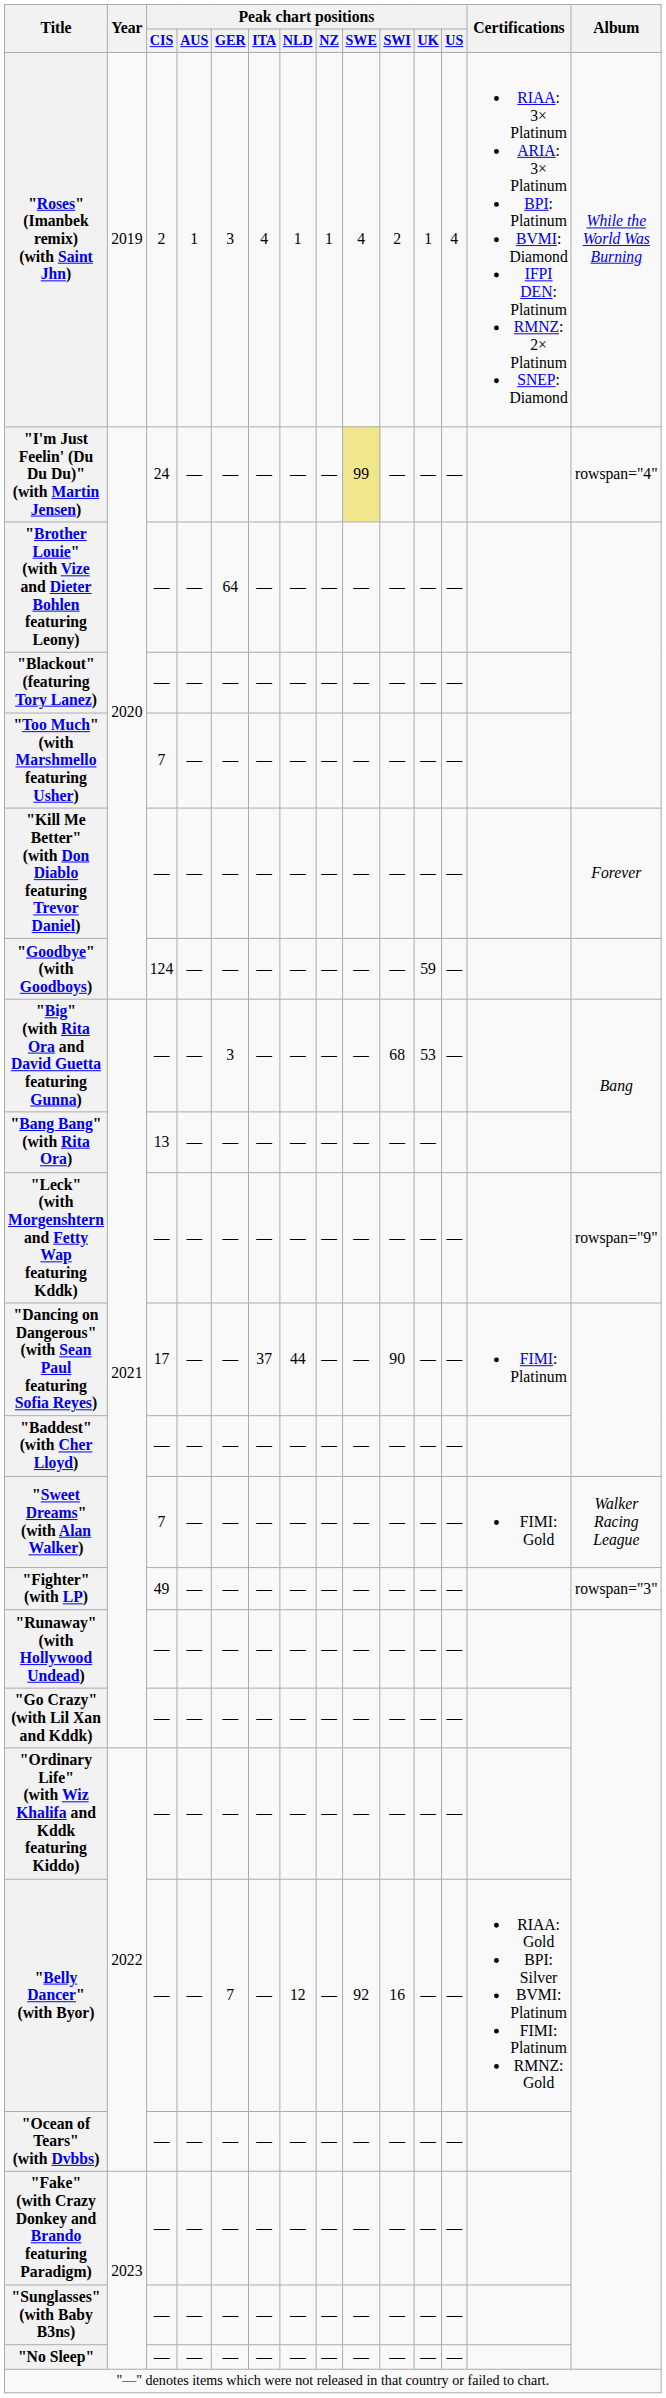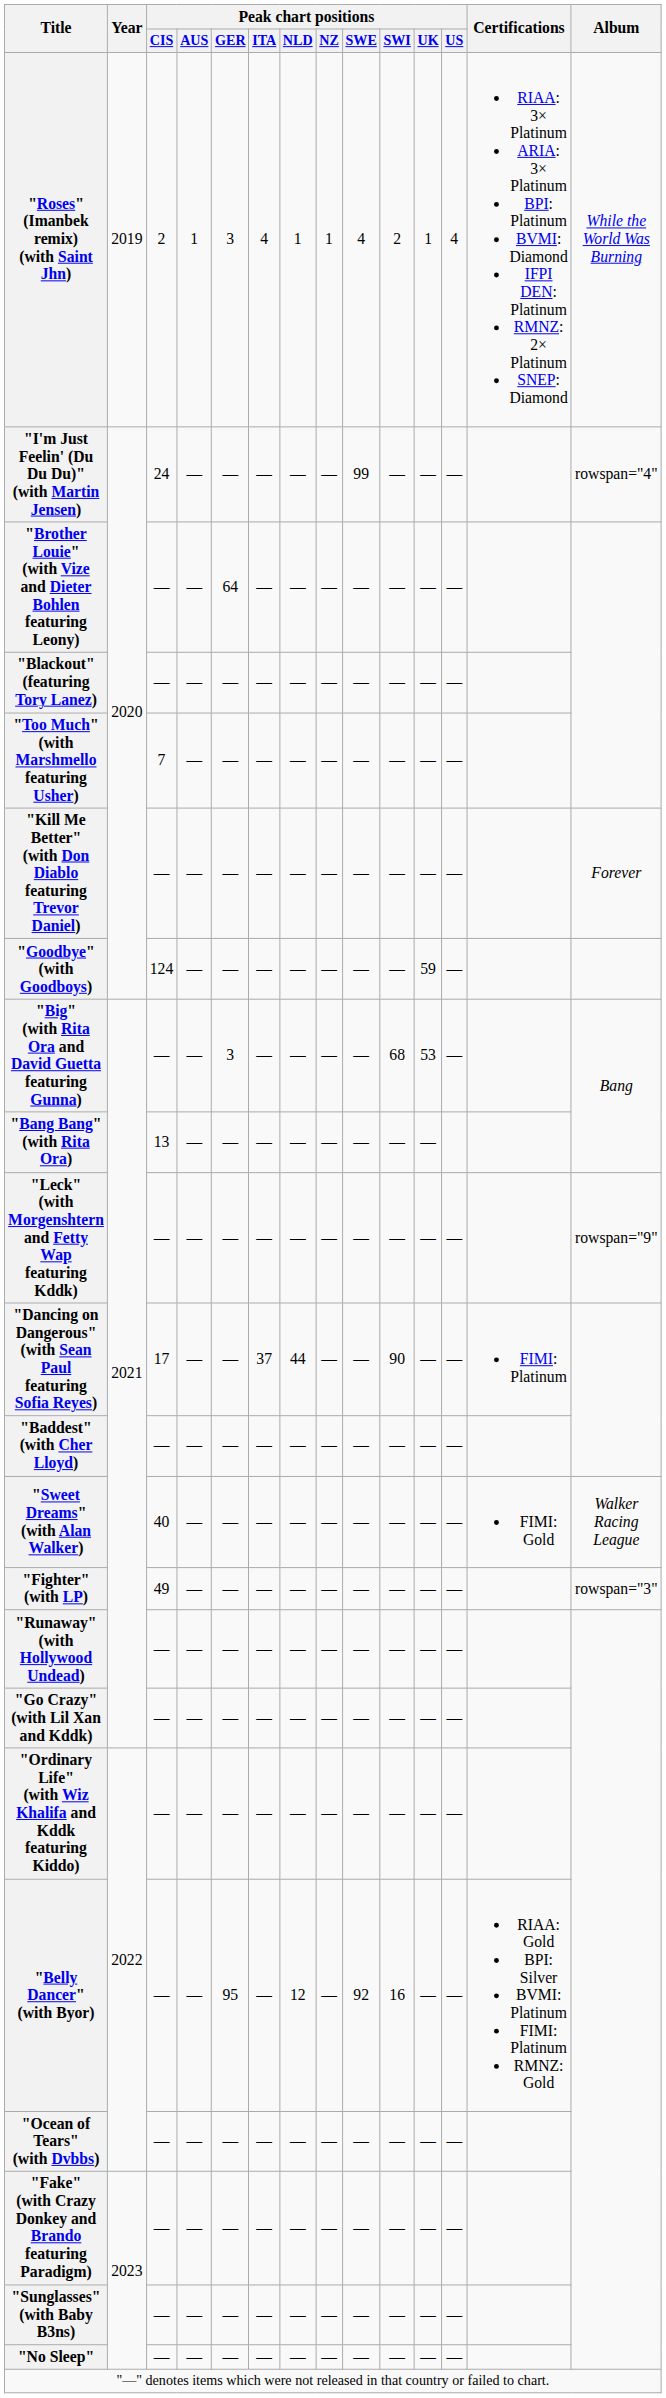 <table class="wikitable plainrowheaders" style="text-align:center">
 <tr>
 <th scope="col" rowspan="2" style="width:20em;">Title</th>
 <th scope="col" rowspan="2" style="width:1em;">Year</th>
 <th scope="col" colspan="10">Peak chart positions</th>
 <th scope="col" rowspan="2" style="width:12em;">Certifications</th>
 <th scope="col" rowspan="2" style="width:12em;">Album</th>
 </tr>
 <tr>
 <th scope="col" style="width:3em;font-size:90%;"><a href='#'>CIS</a><br></th>
 <th scope="col" style="width:3em;font-size:90%;"><a href='#'>AUS</a><br></th>
 <th scope="col" style="width:3em;font-size:90%;"><a href='#'>GER</a><br></th>
 <th scope="col" style="width:3em;font-size:90%;"><a href='#'>ITA</a><br></th>
 <th scope="col" style="width:3em;font-size:90%;"><a href='#'>NLD</a><br></th>
 <th scope="col" style="width:3em;font-size:90%;"><a href='#'>NZ</a><br></th>
 <th scope="col" style="width:3em;font-size:90%;"><a href='#'>SWE</a><br></th>
 <th scope="col" style="width:3em;font-size:90%;"><a href='#'>SWI</a><br></th>
 <th scope="col" style="width:3em;font-size:90%;"><a href='#'>UK</a><br></th>
 <th scope="col" style="width:3em;font-size:90%;"><a href='#'>US</a><br></th>
 </tr>
 <tr>
 <th scope="row">"<a href='#'>Roses</a>" (Imanbek remix) <br><span>(with <a href='#'>Saint Jhn</a>)</span></th>
 <td>2019</td>
 <td>2</td>
 <td>1</td>
 <td>3</td>
 <td>4</td>
 <td>1</td>
 <td>1</td>
 <td>4</td>
 <td>2</td>
 <td>1</td>
 <td>4</td>
 <td><br><ul><li><a href='#'>RIAA</a>: 3× Platinum</li><li><a href='#'>ARIA</a>: 3× Platinum</li><li><a href='#'>BPI</a>: Platinum</li><li><a href='#'>BVMI</a>: Diamond</li><li><a href='#'>IFPI DEN</a>: Platinum</li><li><a href='#'>RMNZ</a>: 2× Platinum</li><li><a href='#'>SNEP</a>: Diamond</li></ul></td>
 <td><em><a href='#'>While the World Was Burning</a></em></td>
 </tr>
 <tr>
 <th scope="row">"I'm Just Feelin' (Du Du Du)" <br><span>(with <a href='#'>Martin Jensen</a>)</span></th>
 <td rowspan="6">2020</td>
 <td>24</td>
 <td>—</td>
 <td>—</td>
 <td>—</td>
 <td>—</td>
 <td>—</td>
-<td style="background: khaki;">99<br></td>
+<td>99<br></td>
 <td>—</td>
 <td>—</td>
 <td>—</td>
 <td></td>
 <td>rowspan="4" </td>
 </tr>
 <tr>
 <th scope="row">"<a href='#'>Brother Louie</a>" <br><span>(with <a href='#'>Vize</a> and <a href='#'>Dieter Bohlen</a> featuring Leony)</span></th>
 <td>—</td>
 <td>—</td>
 <td>64</td>
 <td>—</td>
 <td>—</td>
 <td>—</td>
 <td>—</td>
 <td>—</td>
 <td>—</td>
 <td>—</td>
 <td></td>
 </tr>
 <tr>
 <th scope="row">"Blackout" <br><span>(featuring <a href='#'>Tory Lanez</a>)</span></th>
 <td>—</td>
 <td>—</td>
 <td>—</td>
 <td>—</td>
 <td>—</td>
 <td>—</td>
 <td>—</td>
 <td>—</td>
 <td>—</td>
 <td>—</td>
 <td></td>
 </tr>
 <tr>
 <th scope="row">"<a href='#'>Too Much</a>" <br><span>(with <a href='#'>Marshmello</a> featuring <a href='#'>Usher</a>)</span></th>
 <td>7</td>
 <td>—</td>
 <td>—</td>
 <td>—</td>
 <td>—</td>
 <td>—</td>
 <td>—</td>
 <td>—</td>
 <td>—</td>
 <td>—</td>
 <td></td>
 </tr>
 <tr>
 <th scope="row">"Kill Me Better" <br><span>(with <a href='#'>Don Diablo</a> featuring <a href='#'>Trevor Daniel</a>)</span></th>
 <td>—</td>
 <td>—</td>
 <td>—</td>
 <td>—</td>
 <td>—</td>
 <td>—</td>
 <td>—</td>
 <td>—</td>
 <td>—</td>
 <td>—</td>
 <td></td>
 <td><em>Forever</em></td>
 </tr>
 <tr>
 <th scope="row">"<a href='#'>Goodbye</a>" <br><span>(with <a href='#'>Goodboys</a>)</span></th>
 <td>124</td>
 <td>—</td>
 <td>—</td>
 <td>—</td>
 <td>—</td>
 <td>—</td>
 <td>—</td>
 <td>—</td>
 <td>59</td>
 <td>—</td>
 <td></td>
 <td></td>
 </tr>
 <tr>
 <th scope="row">"<a href='#'>Big</a>" <br><span>(with <a href='#'>Rita Ora</a> and <a href='#'>David Guetta</a> featuring <a href='#'>Gunna</a>)</span></th>
 <td rowspan="9">2021</td>
 <td>—</td>
 <td>—</td>
 <td>3</td>
 <td>—</td>
 <td>—</td>
 <td>—</td>
 <td>—</td>
 <td>68</td>
 <td>53</td>
 <td>—</td>
 <td></td>
 <td rowspan="2"><em>Bang</em></td>
 </tr>
 <tr>
 <th scope="row">"<a href='#'>Bang Bang</a>" <br><span>(with <a href='#'>Rita Ora</a>)</span></th>
 <td>13</td>
 <td>—</td>
 <td>—</td>
 <td>—</td>
 <td>—</td>
 <td>—</td>
 <td>—</td>
 <td>—</td>
 <td>—</td>
 <td></td>
 </tr>
 <tr>
 <th scope="row">"Leck" <br><span>(with <a href='#'>Morgenshtern</a> and <a href='#'>Fetty Wap</a> featuring Kddk)</span></th>
 <td>—</td>
 <td>—</td>
 <td>—</td>
 <td>—</td>
 <td>—</td>
 <td>—</td>
 <td>—</td>
 <td>—</td>
 <td>—</td>
 <td>—</td>
 <td></td>
 <td>rowspan="9" </td>
 </tr>
 <tr>
 <th scope="row">"Dancing on Dangerous" <br><span>(with <a href='#'>Sean Paul</a> featuring <a href='#'>Sofia Reyes</a>)</span></th>
 <td>17</td>
 <td>—</td>
 <td>—</td>
 <td>37<br></td>
 <td>44</td>
 <td>—</td>
 <td>—</td>
 <td>90</td>
 <td>—</td>
 <td>—</td>
 <td><br><ul><li><a href='#'>FIMI</a>: Platinum</li></ul></td>
 </tr>
 <tr>
 <th scope="row">"Baddest" <br><span>(with <a href='#'>Cher Lloyd</a>)</span></th>
 <td>—</td>
 <td>—</td>
 <td>—</td>
 <td>—</td>
 <td>—</td>
 <td>—</td>
 <td>—</td>
 <td>—</td>
 <td>—</td>
 <td>—</td>
 <td></td>
 </tr>
 <tr>
 <th scope="row">"<a href='#'>Sweet Dreams</a>" <br><span>(with <a href='#'>Alan Walker</a>)</span></th>
-<td>7</td>
+<td>40</td>
 <td>—</td>
 <td>—</td>
 <td>—</td>
 <td>—</td>
 <td>—</td>
 <td>—</td>
 <td>—</td>
 <td>—</td>
 <td>—</td>
 <td><br><ul><li>FIMI: Gold</li></ul></td>
 <td><em>Walker Racing League</em></td>
 </tr>
 <tr>
 <th scope="row">"Fighter" <br><span>(with <a href='#'>LP</a>)</span></th>
 <td>49</td>
 <td>—</td>
 <td>—</td>
 <td>—</td>
 <td>—</td>
 <td>—</td>
 <td>—</td>
 <td>—</td>
 <td>—</td>
 <td>—</td>
 <td></td>
 <td>rowspan="3" </td>
 </tr>
 <tr>
 <th scope="row">"Runaway" <br><span>(with <a href='#'>Hollywood Undead</a>)</span></th>
 <td>—</td>
 <td>—</td>
 <td>—</td>
 <td>—</td>
 <td>—</td>
 <td>—</td>
 <td>—</td>
 <td>—</td>
 <td>—</td>
 <td>—</td>
 <td></td>
 </tr>
 <tr>
 <th scope="row">"Go Crazy" <br><span>(with Lil Xan and Kddk)</span></th>
 <td>—</td>
 <td>—</td>
 <td>—</td>
 <td>—</td>
 <td>—</td>
 <td>—</td>
 <td>—</td>
 <td>—</td>
 <td>—</td>
 <td>—</td>
 <td></td>
 </tr>
 <tr>
 <th scope="row">"Ordinary Life" <br><span>(with <a href='#'>Wiz Khalifa</a> and Kddk featuring Kiddo)</span></th>
 <td rowspan="3">2022</td>
 <td>—</td>
 <td>—</td>
 <td>—</td>
 <td>—</td>
 <td>—</td>
 <td>—</td>
 <td>—</td>
 <td>—</td>
 <td>—</td>
 <td>—</td>
 <td></td>
 </tr>
 <tr>
 <th scope="row">"<a href='#'>Belly Dancer</a>" <br><span>(with Byor)</span></th>
 <td>—</td>
 <td>—</td>
-<td>7</td>
+<td>95</td>
 <td>—</td>
 <td>12</td>
 <td>—</td>
 <td>92<br></td>
 <td>16</td>
 <td>—</td>
 <td>—</td>
 <td><br><ul><li>RIAA: Gold</li><li>BPI: Silver</li><li>BVMI: Platinum</li><li>FIMI: Platinum</li><li>RMNZ: Gold</li></ul></td>
 </tr>
 <tr>
 <th scope="row">"Ocean of Tears" <br><span>(with <a href='#'>Dvbbs</a>)</span></th>
 <td>—</td>
 <td>—</td>
 <td>—</td>
 <td>—</td>
 <td>—</td>
 <td>—</td>
 <td>—</td>
 <td>—</td>
 <td>—</td>
 <td>—</td>
 <td></td>
 </tr>
 <tr>
 <th scope="row">"Fake" <br><span>(with Crazy Donkey and <a href='#'>Brando</a> featuring Paradigm)</span></th>
 <td rowspan="3">2023</td>
 <td>—</td>
 <td>—</td>
 <td>—</td>
 <td>—</td>
 <td>—</td>
 <td>—</td>
 <td>—</td>
 <td>—</td>
 <td>—</td>
 <td>—</td>
 <td></td>
 </tr>
 <tr>
 <th scope="row">"Sunglasses"<br><span>(with Baby B3ns)</span></th>
 <td>—</td>
 <td>—</td>
 <td>—</td>
 <td>—</td>
 <td>—</td>
 <td>—</td>
 <td>—</td>
 <td>—</td>
 <td>—</td>
 <td>—</td>
 <td></td>
 </tr>
 <tr>
 <th scope="row">"No Sleep"</th>
 <td>—</td>
 <td>—</td>
 <td>—</td>
 <td>—</td>
 <td>—</td>
 <td>—</td>
 <td>—</td>
 <td>—</td>
 <td>—</td>
 <td>—</td>
 <td></td>
 </tr>
 <tr>
 <td colspan="16" style="font-size:90%;">"—" denotes items which were not released in that country or failed to chart.</td>
 </tr>
 </table>
